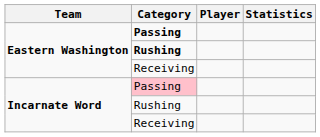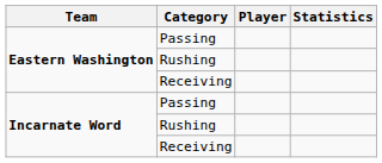 <table class="wikitable" style="float: right;">
 <tr>
 <th>Team</th>
 <th>Category</th>
 <th>Player</th>
 <th>Statistics</th>
 </tr>
 <tr>
 <td rowspan=3><strong>Eastern Washington</strong></td>
-<td><strong>Passing</strong></td>
+<td>Passing</td>
 <td></td>
 <td></td>
 </tr>
 <tr>
-<td><strong>Rushing</strong></td>
+<td>Rushing</td>
 <td></td>
 <td></td>
 </tr>
 <tr>
 <td>Receiving</td>
 <td></td>
 <td></td>
 </tr>
 <tr>
 <td rowspan=3><strong>Incarnate Word</strong></td>
-<td style="background: pink;">Passing</td>
+<td>Passing</td>
 <td></td>
 <td></td>
 </tr>
 <tr>
 <td>Rushing</td>
 <td></td>
 <td></td>
 </tr>
 <tr>
 <td>Receiving</td>
 <td></td>
 <td></td>
 </tr>
 </table>
